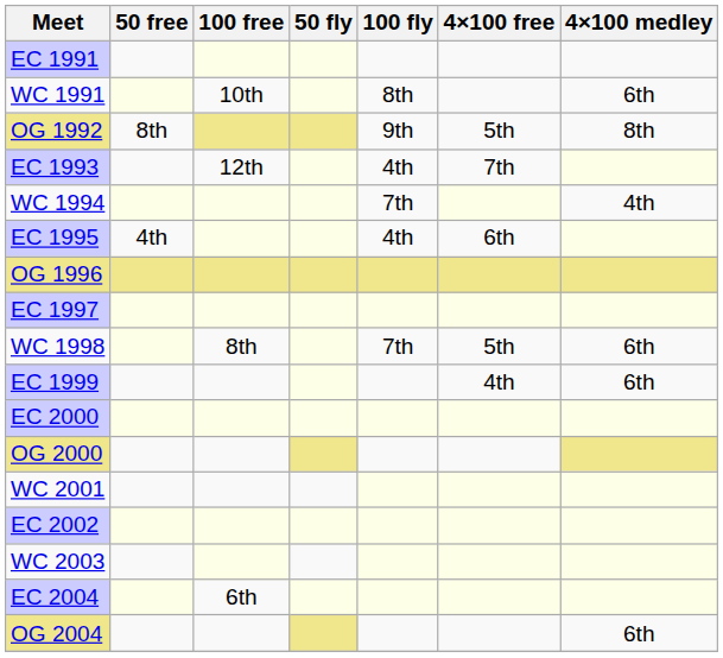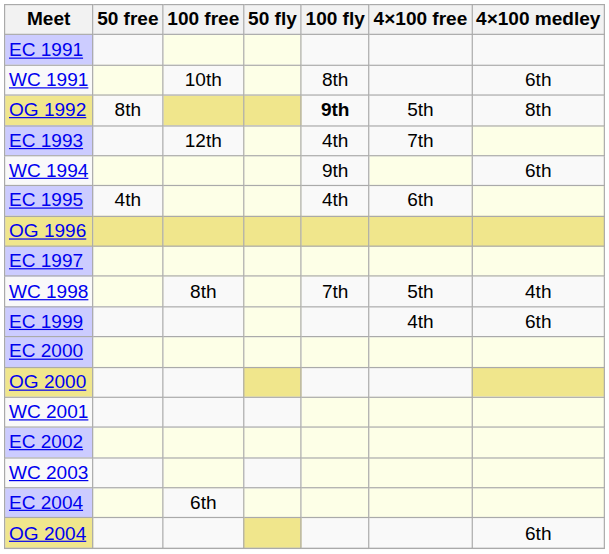 <table class="sortable wikitable">
 <tr>
 <th>Meet</th>
 <th class="unsortable">50 free</th>
 <th class="unsortable">100 free</th>
 <th class="unsortable">50 fly</th>
 <th class="unsortable">100 fly</th>
 <th class="unsortable">4×100 free</th>
 <th class="unsortable">4×100 medley</th>
 </tr>
 <tr>
 <td style="background:#ccccff"><a href='#'>EC 1991</a></td>
 <td align="center"></td>
 <td style="background:#fdffe7"></td>
 <td style="background:#fdffe7"></td>
 <td align="center"></td>
 <td align="center"></td>
 <td align="center"></td>
 </tr>
 <tr>
 <td><a href='#'>WC 1991</a></td>
 <td style="background:#fdffe7"></td>
 <td align="center">10th</td>
 <td style="background:#fdffe7"></td>
 <td align="center">8th</td>
 <td align="center"></td>
 <td align="center">6th</td>
 </tr>
 <tr>
 <td style="background:#f0e68c"><a href='#'>OG 1992</a></td>
 <td align="center">8th</td>
 <td style="background:#f0e68c"></td>
 <td style="background:#f0e68c"></td>
-<td align="center">9th</td>
+<td align="center"><strong>9th</strong></td>
 <td align="center">5th</td>
 <td align="center">8th</td>
 </tr>
 <tr>
 <td style="background:#ccccff"><a href='#'>EC 1993</a></td>
 <td align="center"></td>
 <td align="center">12th</td>
 <td style="background:#fdffe7"></td>
 <td align="center">4th</td>
 <td align="center">7th</td>
 <td style="background:#fdffe7"></td>
 </tr>
 <tr>
 <td><a href='#'>WC 1994</a></td>
 <td style="background:#fdffe7"></td>
 <td style="background:#fdffe7"></td>
 <td style="background:#fdffe7"></td>
-<td align="center">7th</td>
+<td align="center">9th</td>
 <td style="background:#fdffe7"></td>
-<td align="center">4th</td>
+<td align="center">6th</td>
 </tr>
 <tr>
 <td style="background:#ccccff"><a href='#'>EC 1995</a></td>
 <td align="center">4th</td>
 <td style="background:#fdffe7"></td>
 <td style="background:#fdffe7"></td>
 <td align="center">4th</td>
 <td align="center">6th</td>
 <td style="background:#fdffe7"></td>
 </tr>
 <tr>
 <td style="background:#f0e68c"><a href='#'>OG 1996</a></td>
 <td style="background:#f0e68c"></td>
 <td style="background:#f0e68c"></td>
 <td style="background:#f0e68c"></td>
 <td style="background:#f0e68c"></td>
 <td style="background:#f0e68c"></td>
 <td style="background:#f0e68c"></td>
 </tr>
 <tr>
 <td style="background:#ccccff"><a href='#'>EC 1997</a></td>
 <td style="background:#fdffe7"></td>
 <td style="background:#fdffe7"></td>
 <td style="background:#fdffe7"></td>
 <td style="background:#fdffe7"></td>
 <td style="background:#fdffe7"></td>
 <td style="background:#fdffe7"></td>
 </tr>
 <tr>
 <td><a href='#'>WC 1998</a></td>
 <td style="background:#fdffe7"></td>
 <td align="center">8th</td>
 <td style="background:#fdffe7"></td>
 <td align="center">7th</td>
 <td align="center">5th</td>
-<td align="center">6th</td>
+<td align="center">4th</td>
 </tr>
 <tr>
 <td style="background:#ccccff"><a href='#'>EC 1999</a></td>
 <td align="center"></td>
 <td align="center"></td>
 <td style="background:#fdffe7"></td>
 <td align="center"></td>
 <td align="center">4th</td>
 <td align="center">6th</td>
 </tr>
 <tr>
 <td style="background:#ccccff"><a href='#'>EC 2000</a></td>
 <td style="background:#fdffe7"></td>
 <td style="background:#fdffe7"></td>
 <td style="background:#fdffe7"></td>
 <td style="background:#fdffe7"></td>
 <td style="background:#fdffe7"></td>
 <td style="background:#fdffe7"></td>
 </tr>
 <tr>
 <td style="background:#f0e68c"><a href='#'>OG 2000</a></td>
 <td align="center"></td>
 <td align="center"></td>
 <td style="background:#f0e68c"></td>
 <td align="center"></td>
 <td align="center"></td>
 <td style="background:#f0e68c"></td>
 </tr>
 <tr>
 <td><a href='#'>WC 2001</a></td>
 <td align="center"></td>
 <td align="center"></td>
 <td align="center"></td>
 <td style="background:#fdffe7"></td>
 <td style="background:#fdffe7"></td>
 <td style="background:#fdffe7"></td>
 </tr>
 <tr>
 <td style="background:#ccccff"><a href='#'>EC 2002</a></td>
 <td style="background:#fdffe7"></td>
 <td style="background:#fdffe7"></td>
 <td style="background:#fdffe7"></td>
 <td style="background:#fdffe7"></td>
 <td style="background:#fdffe7"></td>
 <td style="background:#fdffe7"></td>
 </tr>
 <tr>
 <td><a href='#'>WC 2003</a></td>
 <td align="center"></td>
 <td style="background:#fdffe7"></td>
 <td align="center"></td>
 <td style="background:#fdffe7"></td>
 <td style="background:#fdffe7"></td>
 <td style="background:#fdffe7"></td>
 </tr>
 <tr>
 <td style="background:#ccccff"><a href='#'>EC 2004</a></td>
 <td style="background:#fdffe7"></td>
 <td align="center">6th</td>
 <td style="background:#fdffe7"></td>
 <td style="background:#fdffe7"></td>
 <td style="background:#fdffe7"></td>
 <td style="background:#fdffe7"></td>
 </tr>
 <tr>
 <td style="background:#f0e68c"><a href='#'>OG 2004</a></td>
 <td align="center"></td>
 <td align="center"></td>
 <td style="background:#f0e68c"></td>
 <td align="center"></td>
 <td align="center"></td>
 <td align="center">6th</td>
 </tr>
 <tr>
 </tr>
 </table>
